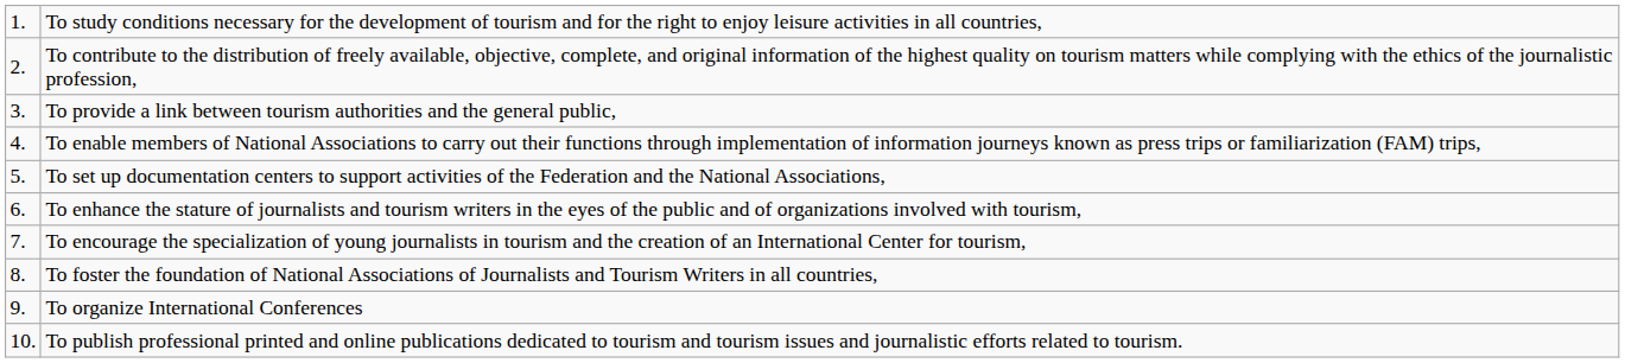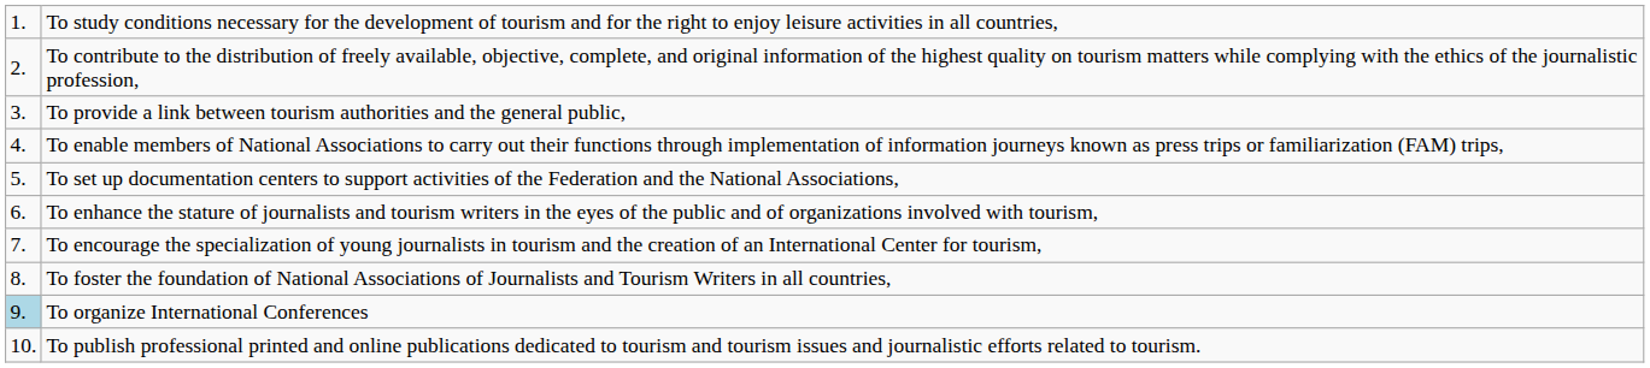 <table class="wikitable">
 <tr>
 <td>1.</td>
 <td>To study conditions necessary for the development of tourism and for the right to enjoy leisure activities in all countries,</td>
 </tr>
 <tr>
 <td>2.</td>
 <td>To contribute to the distribution of freely available, objective, complete, and original information of the highest quality on tourism matters while complying with the ethics of the journalistic profession,</td>
 </tr>
 <tr>
 <td>3.</td>
 <td>To provide a link between tourism authorities and the general public,</td>
 </tr>
 <tr>
 <td>4.</td>
 <td>To enable members of National Associations to carry out their functions through implementation of information journeys known as press trips or familiarization (FAM) trips,</td>
 </tr>
 <tr>
 <td>5.</td>
 <td>To set up documentation centers to support activities of the Federation and the National Associations,</td>
 </tr>
 <tr>
 <td>6.</td>
 <td>To enhance the stature of journalists and tourism writers in the eyes of the public and of organizations involved with tourism,</td>
 </tr>
 <tr>
 <td>7.</td>
 <td>To encourage the specialization of young journalists in tourism and the creation of an International Center for tourism,</td>
 </tr>
 <tr>
 <td>8.</td>
 <td>To foster the foundation of National Associations of Journalists and Tourism Writers in all countries,</td>
 </tr>
 <tr>
-<td>9.</td>
+<td style="background: lightblue;">9.</td>
 <td>To organize International Conferences</td>
 </tr>
 <tr>
 <td>10.</td>
 <td>To publish professional printed and online publications dedicated to tourism and tourism issues and journalistic efforts related to tourism.</td>
 </tr>
 </table>
